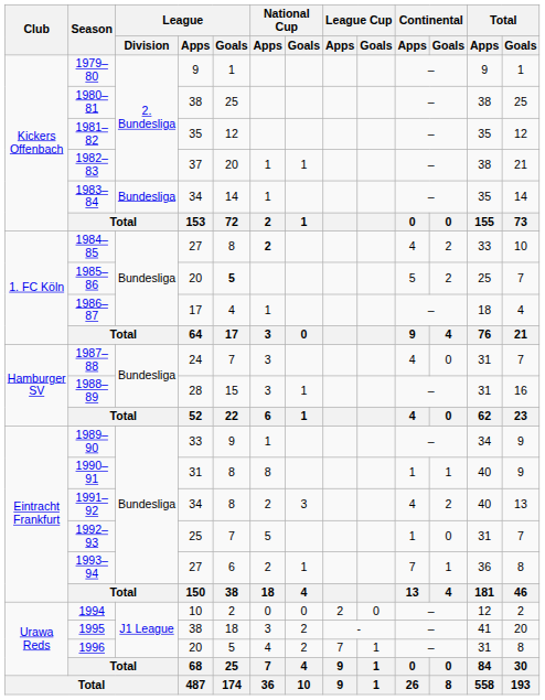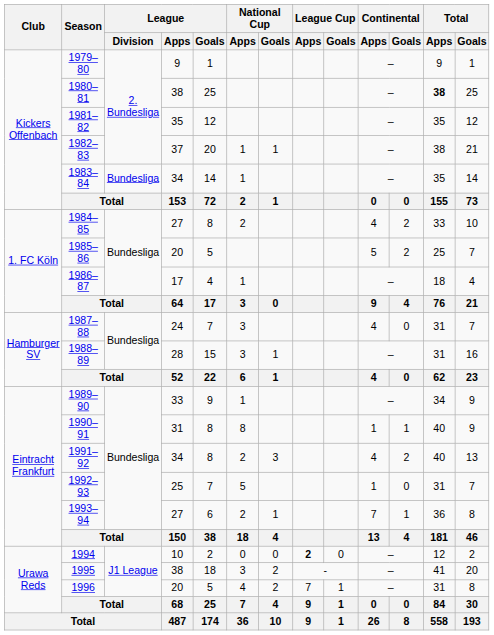 <table class="wikitable" style="text-align:center">
 <tr>
 <th rowspan="2">Club</th>
 <th rowspan="2">Season</th>
 <th colspan="3">League</th>
 <th colspan="2">National Cup</th>
 <th colspan="2">League Cup</th>
 <th colspan="2">Continental</th>
 <th colspan="2">Total</th>
 </tr>
 <tr>
 <th>Division</th>
 <th>Apps</th>
 <th>Goals</th>
 <th>Apps</th>
 <th>Goals</th>
 <th>Apps</th>
 <th>Goals</th>
 <th>Apps</th>
 <th>Goals</th>
 <th>Apps</th>
 <th>Goals</th>
 </tr>
 <tr>
 <td rowspan="6"><a href='#'>Kickers Offenbach</a></td>
 <td><a href='#'>1979–80</a></td>
 <td rowspan="4"><a href='#'>2. Bundesliga</a></td>
 <td>9</td>
 <td>1</td>
 <td></td>
 <td></td>
 <td></td>
 <td></td>
 <td colspan="2">–</td>
 <td>9</td>
 <td>1</td>
 </tr>
 <tr>
 <td><a href='#'>1980–81</a></td>
 <td>38</td>
 <td>25</td>
 <td></td>
 <td></td>
 <td></td>
 <td></td>
 <td colspan="2">–</td>
-<td>38</td>
+<td><strong>38</strong></td>
 <td>25</td>
 </tr>
 <tr>
 <td><a href='#'>1981–82</a></td>
 <td>35</td>
 <td>12</td>
 <td></td>
 <td></td>
 <td></td>
 <td></td>
 <td colspan="2">–</td>
 <td>35</td>
 <td>12</td>
 </tr>
 <tr>
 <td><a href='#'>1982–83</a></td>
 <td>37</td>
 <td>20</td>
 <td>1</td>
 <td>1</td>
 <td></td>
 <td></td>
 <td colspan="2">–</td>
 <td>38</td>
 <td>21</td>
 </tr>
 <tr>
 <td><a href='#'>1983–84</a></td>
 <td><a href='#'>Bundesliga</a></td>
 <td>34</td>
 <td>14</td>
 <td>1</td>
 <td></td>
 <td></td>
 <td></td>
 <td colspan="2">–</td>
 <td>35</td>
 <td>14</td>
 </tr>
 <tr>
 <th colspan="2">Total</th>
 <th>153</th>
 <th>72</th>
 <th>2</th>
 <th>1</th>
 <th></th>
 <th></th>
 <th>0</th>
 <th>0</th>
 <th>155</th>
 <th>73</th>
 </tr>
 <tr>
 <td rowspan="4"><a href='#'>1. FC Köln</a></td>
 <td><a href='#'>1984–85</a></td>
 <td rowspan="3">Bundesliga</td>
 <td>27</td>
 <td>8</td>
-<td><strong>2</strong></td>
+<td>2</td>
 <td></td>
 <td></td>
 <td></td>
 <td>4</td>
 <td>2</td>
 <td>33</td>
 <td>10</td>
 </tr>
 <tr>
 <td><a href='#'>1985–86</a></td>
 <td>20</td>
-<td><strong>5</strong></td>
+<td>5</td>
 <td></td>
 <td></td>
 <td></td>
 <td></td>
 <td>5</td>
 <td>2</td>
 <td>25</td>
 <td>7</td>
 </tr>
 <tr>
 <td><a href='#'>1986–87</a></td>
 <td>17</td>
 <td>4</td>
 <td>1</td>
 <td></td>
 <td></td>
 <td></td>
 <td colspan="2">–</td>
 <td>18</td>
 <td>4</td>
 </tr>
 <tr>
 <th colspan="2">Total</th>
 <th>64</th>
 <th>17</th>
 <th>3</th>
 <th>0</th>
 <th></th>
 <th></th>
 <th>9</th>
 <th>4</th>
 <th>76</th>
 <th>21</th>
 </tr>
 <tr>
 <td rowspan="3"><a href='#'>Hamburger SV</a></td>
 <td><a href='#'>1987–88</a></td>
 <td rowspan="2">Bundesliga</td>
 <td>24</td>
 <td>7</td>
 <td>3</td>
 <td></td>
 <td></td>
 <td></td>
 <td>4</td>
 <td>0</td>
 <td>31</td>
 <td>7</td>
 </tr>
 <tr>
 <td><a href='#'>1988–89</a></td>
 <td>28</td>
 <td>15</td>
 <td>3</td>
 <td>1</td>
 <td></td>
 <td></td>
 <td colspan="2">–</td>
 <td>31</td>
 <td>16</td>
 </tr>
 <tr>
 <th colspan="2">Total</th>
 <th>52</th>
 <th>22</th>
 <th>6</th>
 <th>1</th>
 <th></th>
 <th></th>
 <th>4</th>
 <th>0</th>
 <th>62</th>
 <th>23</th>
 </tr>
 <tr>
 <td rowspan="6"><a href='#'>Eintracht Frankfurt</a></td>
 <td><a href='#'>1989–90</a></td>
 <td rowspan="5">Bundesliga</td>
 <td>33</td>
 <td>9</td>
 <td>1</td>
 <td></td>
 <td></td>
 <td></td>
 <td colspan="2">–</td>
 <td>34</td>
 <td>9</td>
 </tr>
 <tr>
 <td><a href='#'>1990–91</a></td>
 <td>31</td>
 <td>8</td>
 <td>8</td>
 <td></td>
 <td></td>
 <td></td>
 <td>1</td>
 <td>1</td>
 <td>40</td>
 <td>9</td>
 </tr>
 <tr>
 <td><a href='#'>1991–92</a></td>
 <td>34</td>
 <td>8</td>
 <td>2</td>
 <td>3</td>
 <td></td>
 <td></td>
 <td>4</td>
 <td>2</td>
 <td>40</td>
 <td>13</td>
 </tr>
 <tr>
 <td><a href='#'>1992–93</a></td>
 <td>25</td>
 <td>7</td>
 <td>5</td>
 <td></td>
 <td></td>
 <td></td>
 <td>1</td>
 <td>0</td>
 <td>31</td>
 <td>7</td>
 </tr>
 <tr>
 <td><a href='#'>1993–94</a></td>
 <td>27</td>
 <td>6</td>
 <td>2</td>
 <td>1</td>
 <td></td>
 <td></td>
 <td>7</td>
 <td>1</td>
 <td>36</td>
 <td>8</td>
 </tr>
 <tr>
 <th colspan="2">Total</th>
 <th>150</th>
 <th>38</th>
 <th>18</th>
 <th>4</th>
 <th></th>
 <th></th>
 <th>13</th>
 <th>4</th>
 <th>181</th>
 <th>46</th>
 </tr>
 <tr>
 <td rowspan="4"><a href='#'>Urawa Reds</a></td>
 <td><a href='#'>1994</a></td>
 <td rowspan="3"><a href='#'>J1 League</a></td>
 <td>10</td>
 <td>2</td>
 <td>0</td>
 <td>0</td>
-<td>2</td>
+<td><strong>2</strong></td>
 <td>0</td>
 <td colspan="2">–</td>
 <td>12</td>
 <td>2</td>
 </tr>
 <tr>
 <td><a href='#'>1995</a></td>
 <td>38</td>
 <td>18</td>
 <td>3</td>
 <td>2</td>
 <td colspan="2">-</td>
 <td colspan="2">–</td>
 <td>41</td>
 <td>20</td>
 </tr>
 <tr>
 <td><a href='#'>1996</a></td>
 <td>20</td>
 <td>5</td>
 <td>4</td>
 <td>2</td>
 <td>7</td>
 <td>1</td>
 <td colspan="2">–</td>
 <td>31</td>
 <td>8</td>
 </tr>
 <tr>
 <th colspan="2">Total</th>
 <th>68</th>
 <th>25</th>
 <th>7</th>
 <th>4</th>
 <th>9</th>
 <th>1</th>
 <th>0</th>
 <th>0</th>
 <th>84</th>
 <th>30</th>
 </tr>
 <tr>
 <th colspan=3>Total</th>
 <th>487</th>
 <th>174</th>
 <th>36</th>
 <th>10</th>
 <th>9</th>
 <th>1</th>
 <th>26</th>
 <th>8</th>
 <th>558</th>
 <th>193</th>
 </tr>
 </table>
